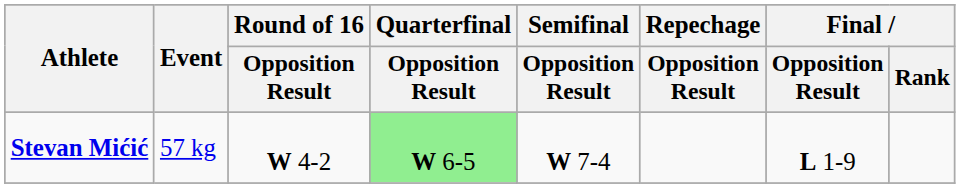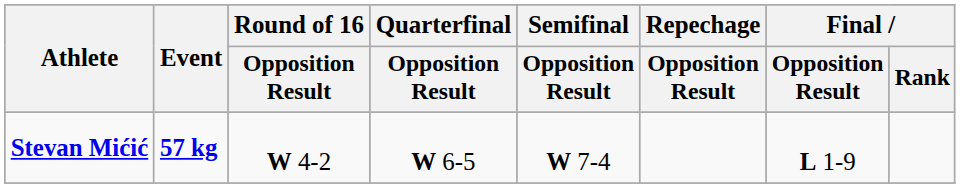 <table class="wikitable" style="font-size:90%">
 <tr>
 <th rowspan="2">Athlete</th>
 <th rowspan="2">Event</th>
 <th>Round of 16</th>
 <th>Quarterfinal</th>
 <th>Semifinal</th>
 <th>Repechage</th>
 <th colspan=2>Final / </th>
 </tr>
 <tr style="font-size: 95%">
 <th>Opposition<br>Result</th>
 <th>Opposition<br>Result</th>
 <th>Opposition<br>Result</th>
 <th>Opposition<br>Result</th>
 <th>Opposition<br>Result</th>
 <th>Rank</th>
 </tr>
 <tr align=center>
 <td align=left><strong><a href='#'>Stevan Mićić</a></strong></td>
-<td align=left><a href='#'>57 kg</a></td>
+<td align=left><strong><a href='#'>57 kg</a></strong></td>
 <td><br><strong>W</strong> 4-2</td>
-<td style="background: lightgreen;"><br><strong>W</strong> 6-5</td>
+<td><br><strong>W</strong> 6-5</td>
 <td><br><strong>W</strong> 7-4</td>
 <td></td>
 <td><br><strong>L</strong> 1-9</td>
 <td></td>
 </tr>
 </table>
